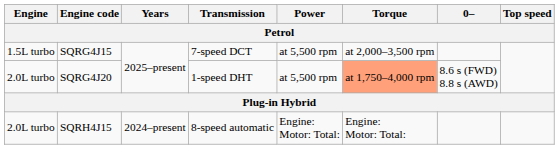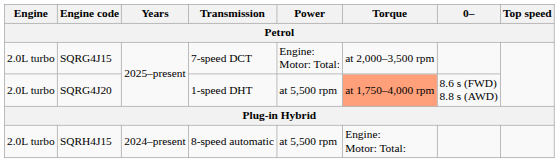 <table class="wikitable collapsible" style="text-align:left; font-size:90%;">
 <tr>
 <th>Engine</th>
 <th>Engine code</th>
 <th>Years</th>
 <th>Transmission</th>
 <th>Power</th>
 <th>Torque</th>
 <th>0–</th>
 <th>Top speed</th>
 </tr>
 <tr>
 <th colspan="8">Petrol</th>
 </tr>
 <tr>
-<td>1.5L turbo</td>
+<td>2.0L turbo</td>
 <td>SQRG4J15</td>
 <td rowspan="2">2025–present</td>
 <td>7-speed DCT</td>
-<td> at 5,500 rpm</td>
+<td>Engine: <br>Motor:   Total: </td>
 <td> at 2,000–3,500 rpm</td>
 <td></td>
 <td rowspan="2"></td>
 </tr>
 <tr>
 <td>2.0L turbo</td>
 <td>SQRG4J20</td>
 <td>1-speed DHT</td>
 <td> at 5,500 rpm</td>
 <td style="background: lightsalmon;"> at 1,750–4,000 rpm</td>
 <td>8.6 s (FWD)<br>8.8 s (AWD)</td>
 </tr>
 <tr>
 <th colspan="8">Plug-in Hybrid</th>
 </tr>
 <tr>
 <td>2.0L turbo</td>
 <td>SQRH4J15</td>
 <td>2024–present</td>
 <td>8-speed automatic</td>
-<td>Engine: <br>Motor:   Total: </td>
+<td> at 5,500 rpm</td>
 <td>Engine: <br>Motor:   Total: </td>
 <td></td>
 <td></td>
 </tr>
 </table>
